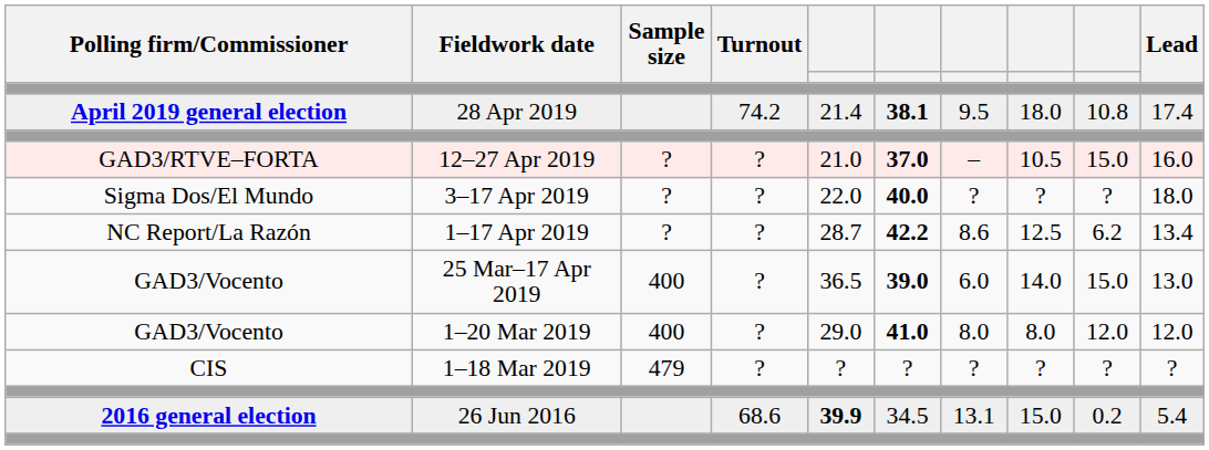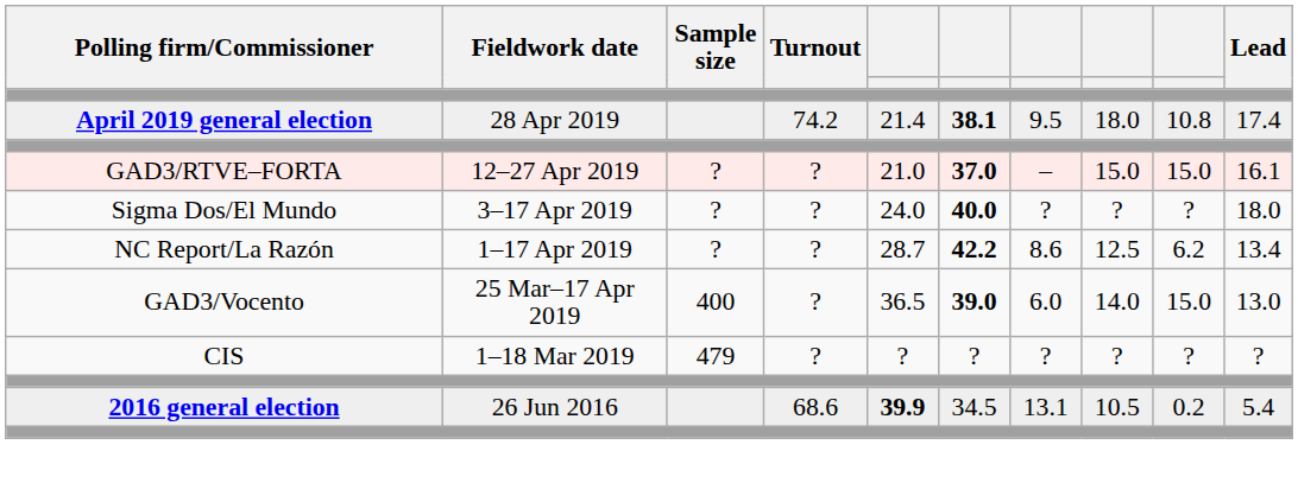 <table class="wikitable collapsible collapsed" style="text-align:center; font-size:95%; line-height:16px;">
 <tr style="height:42px;">
 <th style="width:250px;" rowspan="2">Polling firm/Commissioner</th>
 <th style="width:125px;" rowspan="2">Fieldwork date</th>
 <th style="width:50px;" rowspan="2">Sample size</th>
 <th style="width:45px;" rowspan="2">Turnout</th>
 <th style="width:35px;"></th>
 <th style="width:35px;"></th>
 <th style="width:35px;"></th>
 <th style="width:35px;"></th>
 <th style="width:35px;"></th>
 <th style="width:30px;" rowspan="2">Lead</th>
 </tr>
 <tr>
 <th style="color:inherit;background:"></th>
 <th style="color:inherit;background:"></th>
 <th style="color:inherit;background:"></th>
 <th style="color:inherit;background:"></th>
 <th style="color:inherit;background:"></th>
 </tr>
 <tr>
 <td colspan="10" style="background:#A0A0A0"></td>
 </tr>
 <tr style="background:#EFEFEF;">
 <td><strong><a href='#'>April 2019 general election</a></strong></td>
 <td>28 Apr 2019</td>
 <td></td>
 <td>74.2</td>
 <td>21.4<br></td>
 <td><strong>38.1</strong><br></td>
 <td>9.5<br></td>
 <td>18.0<br></td>
 <td>10.8<br></td>
 <td style="background:">17.4</td>
 </tr>
 <tr>
 <td colspan="10" style="background:#A0A0A0"></td>
 </tr>
 <tr style="background:#FFEAEA;">
 <td>GAD3/RTVE–FORTA</td>
 <td>12–27 Apr 2019</td>
 <td>?</td>
 <td>?</td>
 <td>21.0<br></td>
 <td><strong>37.0</strong><br></td>
 <td>–</td>
-<td>10.5<br></td>
 <td>15.0<br></td>
-<td style="background:">16.0</td>
+<td>15.0<br></td>
+<td style="background:">16.1</td>
 </tr>
 <tr>
 <td>Sigma Dos/El Mundo</td>
 <td>3–17 Apr 2019</td>
 <td>?</td>
 <td>?</td>
-<td>22.0<br></td>
+<td>24.0<br></td>
 <td><strong>40.0</strong><br></td>
 <td>?<br></td>
 <td>?<br></td>
 <td>?<br></td>
 <td style="background:">18.0</td>
 </tr>
 <tr>
 <td>NC Report/La Razón</td>
 <td>1–17 Apr 2019</td>
 <td>?</td>
 <td>?</td>
 <td>28.7<br></td>
 <td><strong>42.2</strong><br></td>
 <td>8.6<br></td>
 <td>12.5<br></td>
 <td>6.2<br></td>
 <td style="background:">13.4</td>
 </tr>
 <tr>
 <td>GAD3/Vocento</td>
 <td>25 Mar–17 Apr 2019</td>
 <td>400</td>
 <td>?</td>
 <td>36.5<br></td>
 <td><strong>39.0</strong><br></td>
 <td>6.0<br></td>
 <td>14.0<br></td>
 <td>15.0<br></td>
 <td style="background:">13.0</td>
 </tr>
 <tr>
-<td>GAD3/Vocento</td>
-<td>1–20 Mar 2019</td>
-<td>400</td>
-<td>?</td>
-<td>29.0<br></td>
-<td><strong>41.0</strong><br></td>
-<td>8.0<br></td>
-<td>8.0<br></td>
-<td>12.0<br></td>
-<td style="background:">12.0</td>
-</tr>
-<tr>
 <td>CIS</td>
 <td>1–18 Mar 2019</td>
 <td>479</td>
 <td>?</td>
 <td>?<br></td>
 <td>?<br></td>
 <td>?<br></td>
 <td>?<br></td>
 <td>?<br></td>
 <td style="background:">?</td>
 </tr>
 <tr>
 <td colspan="10" style="background:#A0A0A0"></td>
 </tr>
 <tr style="background:#EFEFEF;">
 <td><strong><a href='#'>2016 general election</a></strong></td>
 <td>26 Jun 2016</td>
 <td></td>
 <td>68.6</td>
 <td><strong>39.9</strong><br></td>
 <td>34.5<br></td>
 <td>13.1<br></td>
-<td>15.0<br></td>
+<td>10.5<br></td>
 <td>0.2<br></td>
 <td style="background:">5.4</td>
 </tr>
 <tr>
 <td colspan="10" style="background:#A0A0A0"></td>
 </tr>
 </table>
